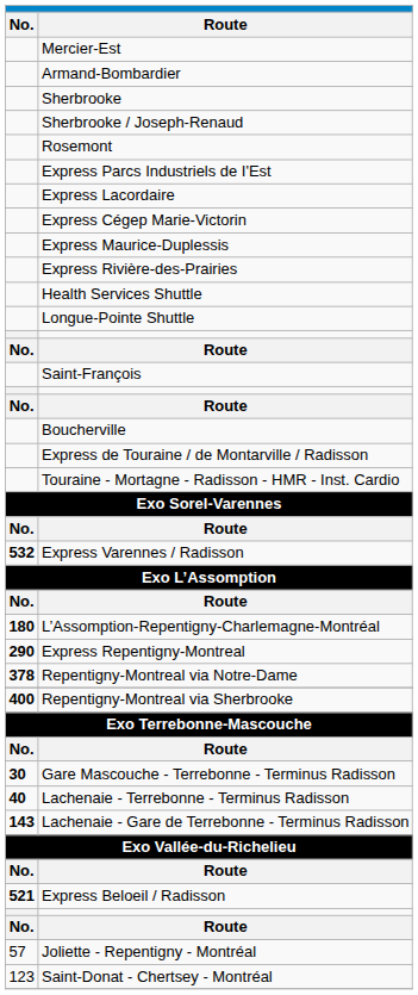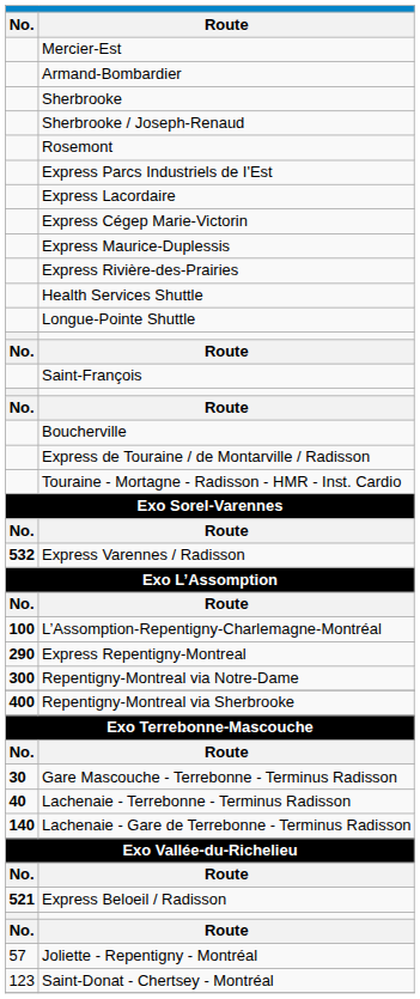 <table align=center class="wikitable">
 <tr>
 <th style="background: #0085CA; font-size:100%; color:#FFFFFF;"colspan="4"><a href='#'></a></th>
 </tr>
 <tr>
 <th>No.</th>
 <th>Route</th>
 </tr>
 <tr>
 <td></td>
 <td>Mercier-Est</td>
 </tr>
 <tr>
 <td {{Avoid wrap> </td>
 <td>Armand-Bombardier</td>
 </tr>
 <tr>
 <td></td>
 <td>Sherbrooke</td>
 </tr>
 <tr>
 <td {{Avoid wrap> </td>
 <td>Sherbrooke / Joseph-Renaud</td>
 </tr>
 <tr>
 <td {{Avoid wrap> </td>
 <td>Rosemont</td>
 </tr>
 <tr>
 <td></td>
 <td>Express Parcs Industriels de I'Est</td>
 </tr>
 <tr>
 <td></td>
 <td>Express Lacordaire</td>
 </tr>
 <tr>
 <td></td>
 <td>Express Cégep Marie-Victorin</td>
 </tr>
 <tr>
 <td></td>
 <td>Express Maurice-Duplessis</td>
 </tr>
 <tr>
 <td></td>
 <td>Express Rivière-des-Prairies</td>
 </tr>
 <tr>
 <td></td>
 <td>Health Services Shuttle</td>
 </tr>
 <tr>
 <td></td>
 <td>Longue-Pointe Shuttle</td>
 </tr>
 <tr>
 <th style="background: #"><a href='#'></a></th>
 </tr>
 <tr>
 <th>No.</th>
 <th>Route</th>
 </tr>
 <tr>
 <td></td>
 <td>Saint-François</td>
 </tr>
 <tr>
 <th style="background: #"><a href='#'></a></th>
 </tr>
 <tr>
 <th>No.</th>
 <th>Route</th>
 </tr>
 <tr>
 <td></td>
 <td>Boucherville</td>
 </tr>
 <tr>
 <td></td>
 <td>Express de Touraine / de Montarville / Radisson</td>
 </tr>
 <tr>
 <td></td>
 <td>Touraine - Mortagne - Radisson - HMR - Inst. Cardio</td>
 </tr>
 <tr>
 <th colspan="4" style="background: black; color:#FFFFFF;">Exo Sorel-Varennes</th>
 </tr>
 <tr>
 <th>No.</th>
 <th>Route</th>
 </tr>
 <tr>
 <td {{border> <strong>532</strong></td>
 <td>Express Varennes / Radisson</td>
 </tr>
 <tr>
 <th colspan="4" style="background: black; color:#FFFFFF;">Exo L’Assomption</th>
 </tr>
 <tr>
 <th>No.</th>
 <th>Route</th>
 </tr>
 <tr>
-<td {{border> <strong>180</strong></td>
+<td {{border> <strong>100</strong></td>
 <td>L’Assomption-Repentigny-Charlemagne-Montréal</td>
 </tr>
 <tr>
 <td {{border> <strong>290</strong></td>
 <td>Express Repentigny-Montreal</td>
 </tr>
 <tr>
-<td {{border> <strong>378</strong></td>
+<td {{border> <strong>300</strong></td>
 <td>Repentigny-Montreal via Notre-Dame</td>
 </tr>
 <tr>
 </tr>
 <tr>
 <td {{border> <strong>400</strong></td>
 <td>Repentigny-Montreal via Sherbrooke</td>
 </tr>
 <tr>
 <th colspan="4" style="background: black; color:#FFFFFF;">Exo Terrebonne-Mascouche</th>
 </tr>
 <tr>
 <th>No.</th>
 <th>Route</th>
 </tr>
 <tr>
 <td {{border> <strong>30</strong></td>
 <td>Gare Mascouche - Terrebonne - Terminus Radisson</td>
 </tr>
 <tr>
 <td {{border> <strong>40</strong></td>
 <td>Lachenaie - Terrebonne - Terminus Radisson</td>
 </tr>
 <tr>
-<td {{border> <strong>143</strong></td>
+<td {{border> <strong>140</strong></td>
 <td>Lachenaie - Gare de Terrebonne - Terminus Radisson</td>
 </tr>
 <tr>
 <th colspan="4" style="background: black; color:#FFFFFF;">Exo Vallée-du-Richelieu</th>
 </tr>
 <tr>
 <th>No.</th>
 <th>Route</th>
 </tr>
 <tr>
 <td {{border> <strong>521</strong></td>
 <td>Express Beloeil / Radisson</td>
 </tr>
 <tr>
 <th style="background: #"></th>
 </tr>
 <tr>
 <th>No.</th>
 <th>Route</th>
 </tr>
 <tr>
 <td>57</td>
 <td>Joliette - Repentigny - Montréal</td>
 </tr>
 <tr>
 <td>123</td>
 <td>Saint-Donat - Chertsey - Montréal</td>
 </tr>
 <tr>
 </tr>
 </table>
